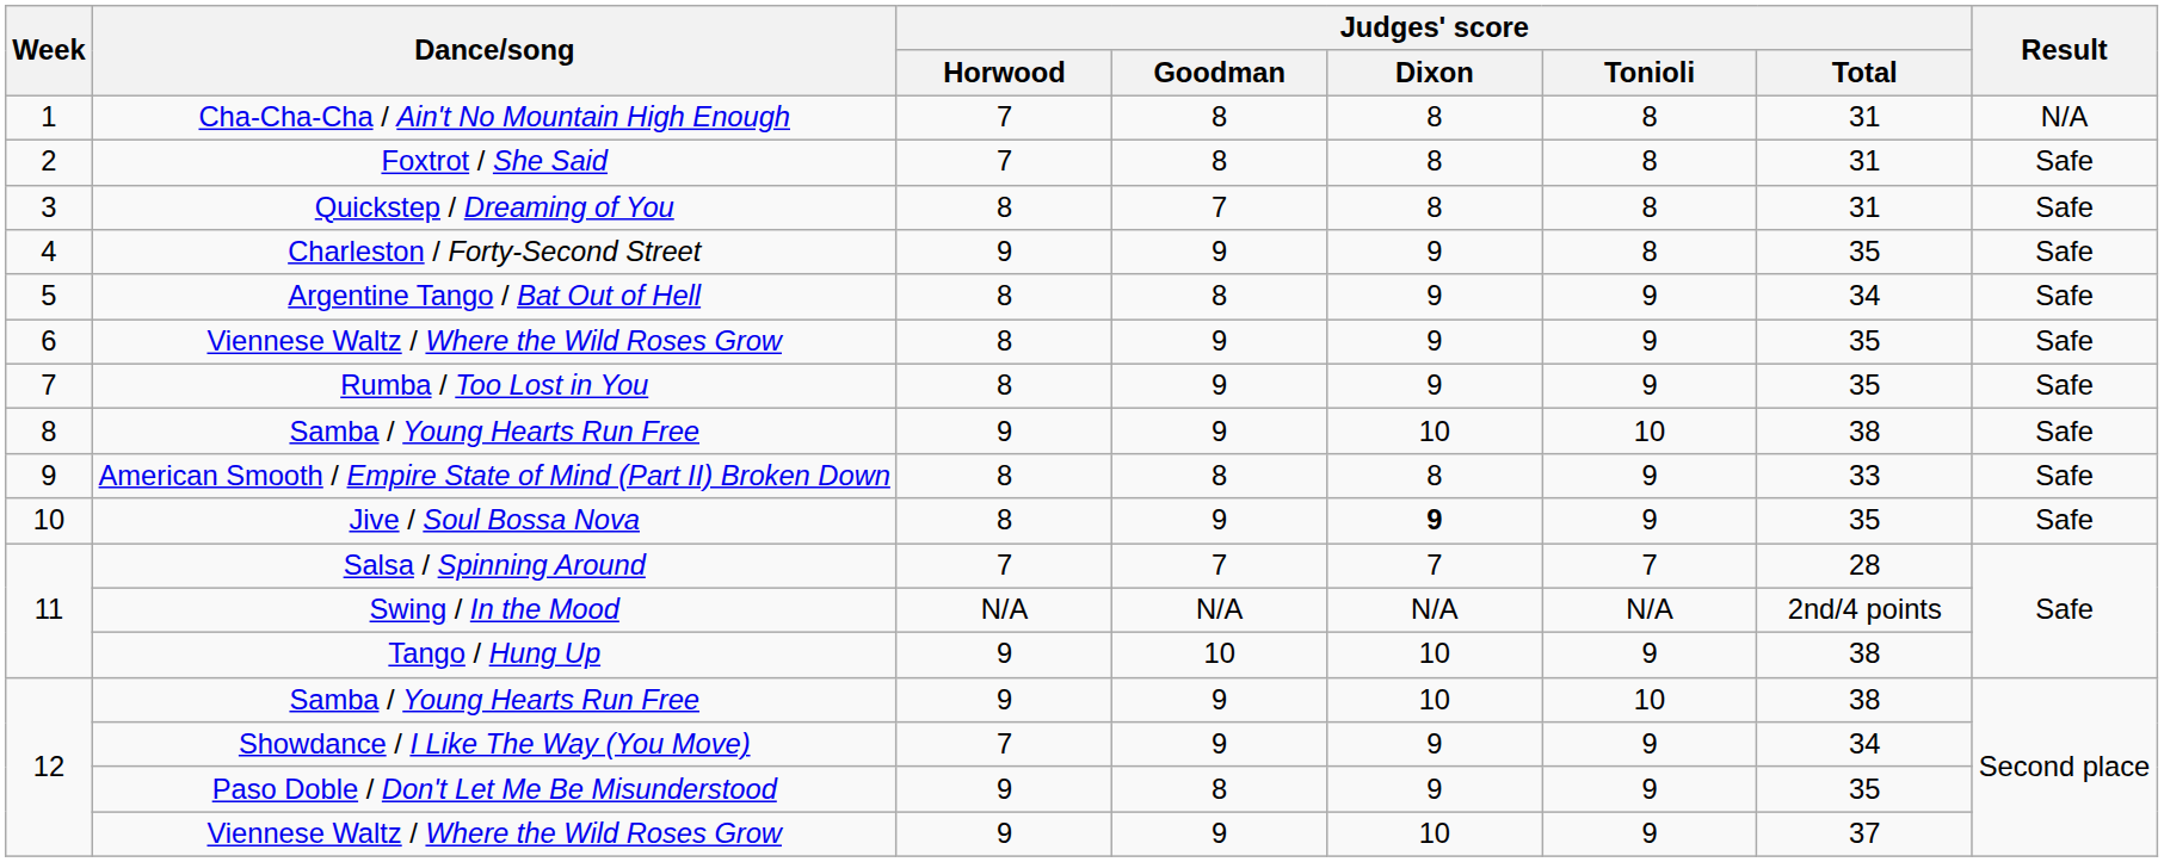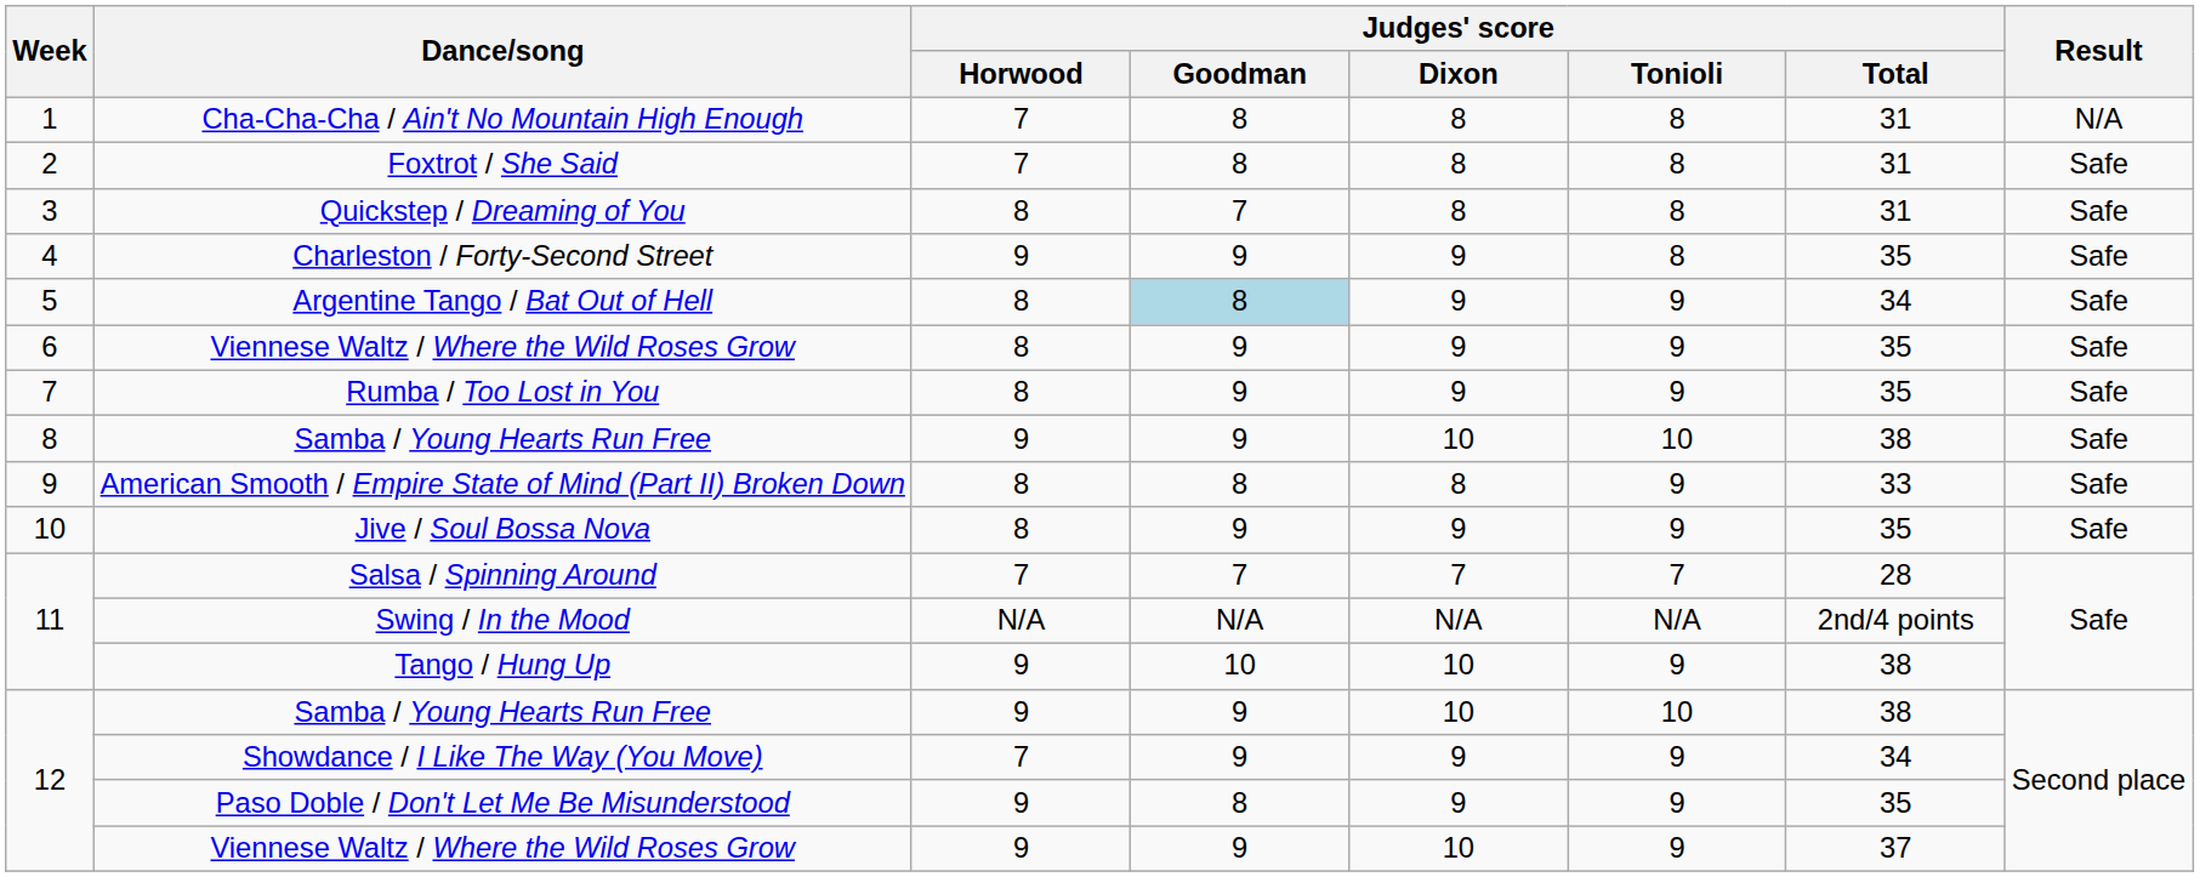 <table class="wikitable" style="text-align:center;">
 <tr>
 <th rowspan="2">Week</th>
 <th rowspan="2">Dance/song</th>
 <th colspan="5">Judges' score</th>
 <th rowspan="2">Result</th>
 </tr>
 <tr>
 <th style="width:10%;">Horwood</th>
 <th style="width:10%;">Goodman</th>
 <th style="width:10%;">Dixon</th>
 <th style="width:10%;">Tonioli</th>
 <th style="width:10%;">Total</th>
 </tr>
 <tr>
 <td>1</td>
 <td><a href='#'>Cha-Cha-Cha</a> / <em><a href='#'>Ain't No Mountain High Enough</a></em></td>
 <td>7</td>
 <td>8</td>
 <td>8</td>
 <td>8</td>
 <td>31</td>
 <td>N/A</td>
 </tr>
 <tr>
 <td>2</td>
 <td><a href='#'>Foxtrot</a> / <em><a href='#'>She Said</a></em></td>
 <td>7</td>
 <td>8</td>
 <td>8</td>
 <td>8</td>
 <td>31</td>
 <td>Safe</td>
 </tr>
 <tr>
 <td>3</td>
 <td><a href='#'>Quickstep</a> / <em><a href='#'>Dreaming of You</a></em></td>
 <td>8</td>
 <td>7</td>
 <td>8</td>
 <td>8</td>
 <td>31</td>
 <td>Safe</td>
 </tr>
 <tr>
 <td>4</td>
 <td><a href='#'>Charleston</a> / <em>Forty-Second Street</em></td>
 <td>9</td>
 <td>9</td>
 <td>9</td>
 <td>8</td>
 <td>35</td>
 <td>Safe</td>
 </tr>
 <tr>
 <td>5</td>
 <td><a href='#'>Argentine Tango</a> / <em><a href='#'>Bat Out of Hell</a></em></td>
 <td>8</td>
-<td>8</td>
+<td style="background: lightblue;">8</td>
 <td>9</td>
 <td>9</td>
 <td>34</td>
 <td>Safe</td>
 </tr>
 <tr>
 <td>6</td>
 <td><a href='#'>Viennese Waltz</a> / <em><a href='#'>Where the Wild Roses Grow</a></em></td>
 <td>8</td>
 <td>9</td>
 <td>9</td>
 <td>9</td>
 <td>35</td>
 <td>Safe</td>
 </tr>
 <tr>
 <td>7</td>
 <td><a href='#'>Rumba</a> / <em><a href='#'>Too Lost in You</a></em></td>
 <td>8</td>
 <td>9</td>
 <td>9</td>
 <td>9</td>
 <td>35</td>
 <td>Safe</td>
 </tr>
 <tr>
 <td>8</td>
 <td><a href='#'>Samba</a> / <em><a href='#'>Young Hearts Run Free</a></em></td>
 <td>9</td>
 <td>9</td>
 <td>10</td>
 <td>10</td>
 <td>38</td>
 <td>Safe</td>
 </tr>
 <tr>
 <td>9</td>
 <td><a href='#'>American Smooth</a> / <em><a href='#'>Empire State of Mind (Part II) Broken Down</a></em></td>
 <td>8</td>
 <td>8</td>
 <td>8</td>
 <td>9</td>
 <td>33</td>
 <td>Safe</td>
 </tr>
 <tr>
 <td>10</td>
 <td><a href='#'>Jive</a> / <em><a href='#'>Soul Bossa Nova</a></em></td>
 <td>8</td>
 <td>9</td>
-<td><strong>9</strong></td>
+<td>9</td>
 <td>9</td>
 <td>35</td>
 <td>Safe</td>
 </tr>
 <tr>
 <td rowspan="3">11</td>
 <td><a href='#'>Salsa</a> / <em><a href='#'>Spinning Around</a></em></td>
 <td>7</td>
 <td>7</td>
 <td>7</td>
 <td>7</td>
 <td>28</td>
 <td rowspan="3">Safe</td>
 </tr>
 <tr>
 <td><a href='#'>Swing</a> / <em><a href='#'>In the Mood</a></em></td>
 <td>N/A</td>
 <td>N/A</td>
 <td>N/A</td>
 <td>N/A</td>
 <td>2nd/4 points</td>
 </tr>
 <tr>
 <td><a href='#'>Tango</a> / <em><a href='#'>Hung Up</a></em></td>
 <td>9</td>
 <td>10</td>
 <td>10</td>
 <td>9</td>
 <td>38</td>
 </tr>
 <tr>
 <td rowspan="4">12</td>
 <td><a href='#'>Samba</a> / <em><a href='#'>Young Hearts Run Free</a></em></td>
 <td>9</td>
 <td>9</td>
 <td>10</td>
 <td>10</td>
 <td>38</td>
 <td rowspan="4">Second place</td>
 </tr>
 <tr>
 <td><a href='#'>Showdance</a> / <em><a href='#'>I Like The Way (You Move)</a></em></td>
 <td>7</td>
 <td>9</td>
 <td>9</td>
 <td>9</td>
 <td>34</td>
 </tr>
 <tr>
 <td><a href='#'>Paso Doble</a> / <em><a href='#'>Don't Let Me Be Misunderstood</a></em></td>
 <td>9</td>
 <td>8</td>
 <td>9</td>
 <td>9</td>
 <td>35</td>
 </tr>
 <tr>
 <td><a href='#'>Viennese Waltz</a> / <em><a href='#'>Where the Wild Roses Grow</a></em></td>
 <td>9</td>
 <td>9</td>
 <td>10</td>
 <td>9</td>
 <td>37</td>
 </tr>
 </table>
